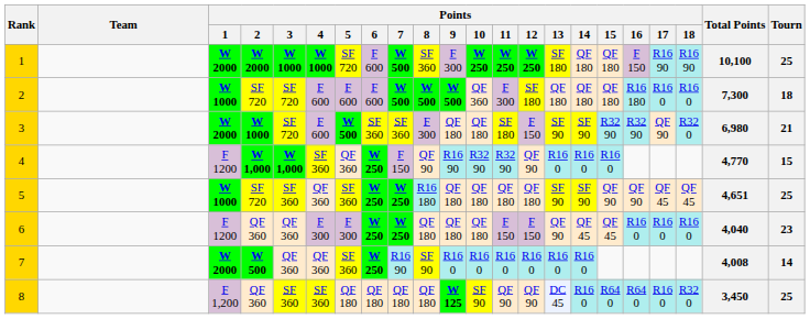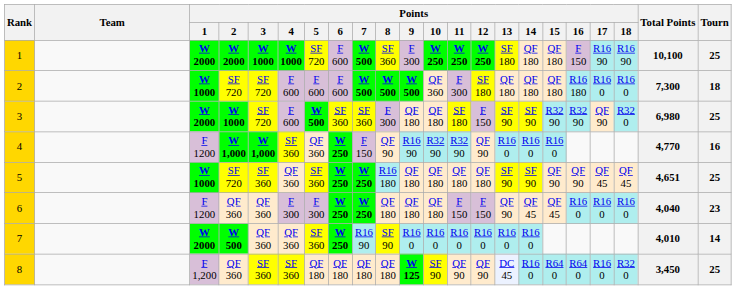 <table class=wikitable style=font-size:90%;text-align:center>
 <tr>
 <th rowspan="2" style="width:20px;">Rank</th>
 <th rowspan="2" style="width:200px;">Team</th>
 <th colspan="18" style="width:50px;">Points</th>
 <th rowspan=2>Total Points</th>
 <th rowspan=2>Tourn</th>
 </tr>
 <tr>
 <th width=25>1</th>
 <th width=25>2</th>
 <th width=25>3</th>
 <th width=25>4</th>
 <th width=25>5</th>
 <th width=25>6</th>
 <th width=25>7</th>
 <th width=25>8</th>
 <th width=25>9</th>
 <th width=25>10</th>
 <th width=25>11</th>
 <th width=25>12</th>
 <th width=25>13</th>
 <th width=25>14</th>
 <th width=25>15</th>
 <th width=25>16</th>
 <th width=25>17</th>
 <th width=25>18</th>
 </tr>
 <tr>
 <td bgcolor=gold>1</td>
 <td align=left><br></td>
 <td bgcolor=lime><strong><a href='#'>W</a><br>2000</strong></td>
 <td bgcolor=lime><strong><a href='#'>W</a><br>2000</strong></td>
 <td bgcolor=lime><strong><a href='#'>W</a><br>1000</strong></td>
 <td bgcolor=lime><strong><a href='#'>W</a><br>1000</strong></td>
 <td bgcolor=yellow><a href='#'>SF</a><br>720</td>
 <td bgcolor=thistle><a href='#'>F</a><br>600</td>
 <td bgcolor=lime> <strong><a href='#'>W</a><br>500</strong></td>
 <td bgcolor=yellow><a href='#'>SF</a><br>360</td>
 <td bgcolor=thistle><a href='#'>F</a><br>300</td>
 <td bgcolor=lime> <strong><a href='#'>W</a><br>250</strong></td>
 <td bgcolor=lime> <strong><a href='#'>W</a><br>250</strong></td>
 <td bgcolor=lime> <strong><a href='#'>W</a><br>250</strong></td>
 <td bgcolor=yellow><a href='#'>SF</a><br>180</td>
 <td bgcolor=#ffebcd><a href='#'>QF</a><br>180</td>
 <td bgcolor=#ffebcd><a href='#'>QF</a><br>180</td>
 <td bgcolor=thistle><a href='#'>F</a><br>150</td>
 <td bgcolor=#afeeee><a href='#'>R16</a><br>90</td>
 <td bgcolor=#afeeee><a href='#'>R16</a><br>90</td>
 <th>10,100</th>
 <th>25</th>
 </tr>
 <tr>
 <td bgcolor=gold>2</td>
 <td align=left><br></td>
 <td bgcolor=lime><strong><a href='#'>W</a><br>1000</strong></td>
 <td bgcolor=yellow><a href='#'>SF</a><br>720</td>
 <td bgcolor=yellow><a href='#'>SF</a><br>720</td>
 <td bgcolor=thistle><a href='#'>F</a><br>600</td>
 <td bgcolor=thistle><a href='#'>F</a><br>600</td>
 <td bgcolor=thistle><a href='#'>F</a><br>600</td>
 <td bgcolor=lime> <strong><a href='#'>W</a><br>500</strong></td>
 <td bgcolor=lime> <strong><a href='#'>W</a><br>500</strong></td>
 <td bgcolor=lime> <strong><a href='#'>W</a><br>500</strong></td>
 <td bgcolor=#ffebcd><a href='#'>QF</a><br>360</td>
 <td bgcolor=thistle><a href='#'>F</a><br>300</td>
 <td bgcolor=yellow><a href='#'>SF</a><br>180</td>
 <td bgcolor=#ffebcd><a href='#'>QF</a><br>180</td>
 <td bgcolor=#ffebcd><a href='#'>QF</a><br>180</td>
 <td bgcolor=#ffebcd><a href='#'>QF</a><br>180</td>
 <td bgcolor=#afeeee><a href='#'>R16</a><br>180</td>
 <td bgcolor=#afeeee><a href='#'>R16</a><br>0</td>
 <td bgcolor=#afeeee><a href='#'>R16</a><br>0</td>
 <th>7,300</th>
 <th>18</th>
 </tr>
 <tr>
 <td bgcolor=gold>3</td>
 <td align=left><br></td>
 <td bgcolor=lime><strong><a href='#'>W</a><br>2000</strong></td>
 <td bgcolor=lime><strong><a href='#'>W</a><br>1000</strong></td>
 <td bgcolor=yellow><a href='#'>SF</a><br>720</td>
 <td bgcolor=thistle><a href='#'>F</a><br>600</td>
 <td bgcolor=lime><strong><a href='#'>W</a><br>500</strong></td>
 <td bgcolor=yellow><a href='#'>SF</a><br>360</td>
 <td bgcolor=yellow><a href='#'>SF</a><br>360</td>
 <td bgcolor=thistle><a href='#'>F</a><br>300</td>
 <td bgcolor=#ffebcd><a href='#'>QF</a><br>180</td>
 <td bgcolor=#ffebcd><a href='#'>QF</a><br>180</td>
 <td bgcolor=yellow><a href='#'>SF</a><br>180</td>
 <td bgcolor=thistle><a href='#'>F</a><br>150</td>
 <td bgcolor=yellow><a href='#'>SF</a><br>90</td>
 <td bgcolor=yellow><a href='#'>SF</a><br>90</td>
 <td bgcolor=#afeeee><a href='#'>R32</a><br>90</td>
 <td bgcolor=#afeeee><a href='#'>R32</a><br>90</td>
 <td bgcolor=#ffebcd><a href='#'>QF</a><br>90</td>
 <td bgcolor=#afeeee><a href='#'>R32</a><br>0</td>
 <th>6,980</th>
-<th>21</th>
+<th>25</th>
 </tr>
 <tr>
 <td bgcolor=gold>4</td>
 <td align=left><br></td>
 <td bgcolor=thistle><a href='#'>F</a><br>1200</td>
 <td bgcolor=lime><strong><a href='#'>W</a><br>1,000</strong></td>
 <td bgcolor=lime><strong><a href='#'>W</a><br>1,000</strong></td>
 <td bgcolor=yellow><a href='#'>SF</a><br>360</td>
 <td bgcolor=#ffebcd><a href='#'>QF</a><br>360</td>
 <td bgcolor=lime><strong><a href='#'>W</a><br>250</strong></td>
 <td bgcolor=thistle><a href='#'>F</a><br>150</td>
 <td bgcolor=#ffebcd><a href='#'>QF</a><br>90</td>
 <td bgcolor=#afeeee><a href='#'>R16</a><br>90</td>
 <td bgcolor=#afeeee><a href='#'>R32</a><br>90</td>
 <td bgcolor=#afeeee><a href='#'>R32</a><br>90</td>
 <td bgcolor=#ffebcd><a href='#'>QF</a><br>90</td>
 <td bgcolor=#afeeee><a href='#'>R16</a><br>0</td>
 <td bgcolor=#afeeee><a href='#'>R16</a><br>0</td>
 <td bgcolor=#afeeee><a href='#'>R16</a><br>0</td>
 <td></td>
 <td></td>
 <td></td>
 <th>4,770</th>
-<th>15</th>
+<th>16</th>
 </tr>
 <tr>
 <td bgcolor=gold>5</td>
 <td align=left><br></td>
 <td bgcolor=lime><strong><a href='#'>W</a><br>1000</strong></td>
 <td bgcolor=yellow><a href='#'>SF</a><br>720</td>
 <td bgcolor=yellow><a href='#'>SF</a><br>360</td>
 <td bgcolor=#ffebcd><a href='#'>QF</a><br>360</td>
 <td bgcolor=yellow><a href='#'>SF</a><br>360</td>
 <td bgcolor=lime><strong><a href='#'>W</a><br>250</strong></td>
 <td bgcolor=lime><strong><a href='#'>W</a><br>250</strong></td>
 <td bgcolor=#afeeee><a href='#'>R16</a><br>180</td>
 <td bgcolor=#ffebcd><a href='#'>QF</a><br>180</td>
 <td bgcolor=#ffebcd><a href='#'>QF</a><br>180</td>
 <td bgcolor=#ffebcd><a href='#'>QF</a><br>180</td>
 <td bgcolor=#ffebcd><a href='#'>QF</a><br>180</td>
 <td bgcolor=yellow><a href='#'>SF</a><br>90</td>
 <td bgcolor=yellow><a href='#'>SF</a><br>90</td>
 <td bgcolor=#ffebcd><a href='#'>QF</a><br>90</td>
 <td bgcolor=#ffebcd><a href='#'>QF</a><br>90</td>
 <td bgcolor=#ffebcd><a href='#'>QF</a><br>45</td>
 <td bgcolor=#ffebcd><a href='#'>QF</a><br>45</td>
 <th>4,651</th>
 <th>25</th>
 </tr>
 <tr>
 <td bgcolor=gold>6</td>
 <td align=left><br></td>
 <td bgcolor=thistle><a href='#'>F</a><br>1200</td>
 <td bgcolor=#ffebcd><a href='#'>QF</a><br>360</td>
 <td bgcolor=#ffebcd><a href='#'>QF</a><br>360</td>
 <td bgcolor=thistle><a href='#'>F</a><br>300</td>
 <td bgcolor=thistle><a href='#'>F</a><br>300</td>
 <td bgcolor=lime><strong><a href='#'>W</a><br>250</strong></td>
 <td bgcolor=lime><strong><a href='#'>W</a><br>250</strong></td>
 <td bgcolor=#ffebcd><a href='#'>QF</a><br>180</td>
 <td bgcolor=#ffebcd><a href='#'>QF</a><br>180</td>
 <td bgcolor=#ffebcd><a href='#'>QF</a><br>180</td>
 <td bgcolor=thistle><a href='#'>F</a><br>150</td>
 <td bgcolor=thistle><a href='#'>F</a><br>150</td>
 <td bgcolor=#ffebcd><a href='#'>QF</a><br>90</td>
 <td bgcolor=#ffebcd><a href='#'>QF</a><br>45</td>
 <td bgcolor=#ffebcd><a href='#'>QF</a><br>45</td>
 <td bgcolor=#afeeee><a href='#'>R16</a><br>0</td>
 <td bgcolor=#afeeee><a href='#'>R16</a><br>0</td>
 <td bgcolor=#afeeee><a href='#'>R16</a><br>0</td>
 <th>4,040</th>
 <th>23</th>
 </tr>
 <tr>
 <td bgcolor=gold>7</td>
 <td align=left><br></td>
 <td bgcolor=lime><strong><a href='#'>W</a><br>2000</strong></td>
 <td bgcolor=lime><strong><a href='#'>W</a><br>500</strong></td>
 <td bgcolor=#ffebcd><a href='#'>QF</a><br>360</td>
 <td bgcolor=#ffebcd><a href='#'>QF</a><br>360</td>
 <td bgcolor=yellow><a href='#'>SF</a><br>360</td>
 <td bgcolor=lime><strong><a href='#'>W</a><br>250</strong></td>
 <td bgcolor=#afeeee><a href='#'>R16</a><br>90</td>
 <td bgcolor=yellow><a href='#'>SF</a><br>90</td>
 <td bgcolor=#afeeee><a href='#'>R16</a><br>0</td>
 <td bgcolor=#afeeee><a href='#'>R16</a><br>0</td>
 <td bgcolor=#afeeee><a href='#'>R16</a><br>0</td>
 <td bgcolor=#afeeee><a href='#'>R16</a><br>0</td>
 <td bgcolor=#afeeee><a href='#'>R16</a><br>0</td>
 <td bgcolor=#afeeee><a href='#'>R16</a><br>0</td>
 <td></td>
 <td></td>
 <td></td>
 <td></td>
-<th>4,008</th>
+<th>4,010</th>
 <th>14</th>
 </tr>
 <tr>
 <td bgcolor=gold>8</td>
 <td align=left><br></td>
 <td bgcolor=thistle><a href='#'>F</a><br>1,200</td>
 <td bgcolor=#ffebcd><a href='#'>QF</a><br>360</td>
 <td bgcolor=yellow><a href='#'>SF</a><br>360</td>
 <td bgcolor=yellow><a href='#'>SF</a><br>360</td>
 <td bgcolor=#ffebcd><a href='#'>QF</a><br>180</td>
 <td bgcolor=#ffebcd><a href='#'>QF</a><br>180</td>
 <td bgcolor=#ffebcd><a href='#'>QF</a><br>180</td>
 <td bgcolor=#ffebcd><a href='#'>QF</a><br>180</td>
 <td bgcolor=lime><strong><a href='#'>W</a><br>125</strong></td>
 <td bgcolor=yellow><a href='#'>SF</a><br>90</td>
 <td bgcolor=#ffebcd><a href='#'>QF</a><br>90</td>
 <td bgcolor=#ffebcd><a href='#'>QF</a><br>90</td>
 <td bgcolor=ECF2FF><a href='#'>DC</a><br>45</td>
 <td bgcolor=#afeeee><a href='#'>R16</a><br>0</td>
 <td bgcolor=#afeeee><a href='#'>R64</a><br>0</td>
 <td bgcolor=#afeeee><a href='#'>R64</a><br>0</td>
 <td bgcolor=#afeeee><a href='#'>R16</a><br>0</td>
 <td bgcolor=#afeeee><a href='#'>R32</a><br>0</td>
 <th>3,450</th>
 <th>25</th>
 </tr>
 </table>
